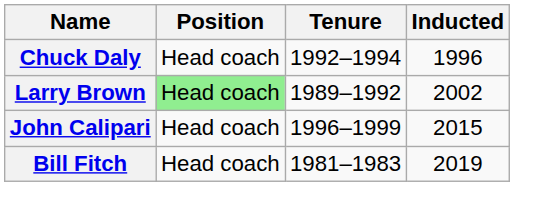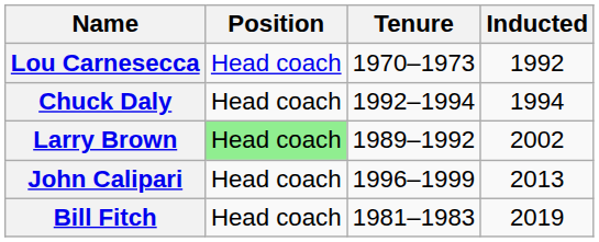 <table class="wikitable" style="text-align:center">
 <tr>
 <th scope="col">Name</th>
 <th scope="col">Position</th>
 <th scope="col">Tenure</th>
 <th scope="col">Inducted</th>
 </tr>
 <tr>
+<th scope="row"><a href='#'>Lou Carnesecca</a></th>
+<td><a href='#'>Head coach</a></td>
+<td>1970–1973</td>
+<td>1992</td>
+</tr>
+<tr>
 <th scope="row"><a href='#'>Chuck Daly</a></th>
 <td>Head coach</td>
 <td>1992–1994</td>
-<td>1996</td>
+<td>1994</td>
 </tr>
 <tr>
 <th scope="row"><a href='#'>Larry Brown</a></th>
 <td style="background: lightgreen;">Head coach</td>
 <td>1989–1992</td>
 <td>2002</td>
 </tr>
 <tr>
 <th scope="row"><a href='#'>John Calipari</a></th>
 <td>Head coach</td>
 <td>1996–1999</td>
-<td>2015</td>
+<td>2013</td>
 </tr>
 <tr>
 <th scope="row"><a href='#'>Bill Fitch</a></th>
 <td>Head coach</td>
 <td>1981–1983</td>
 <td>2019</td>
 </tr>
 </table>
